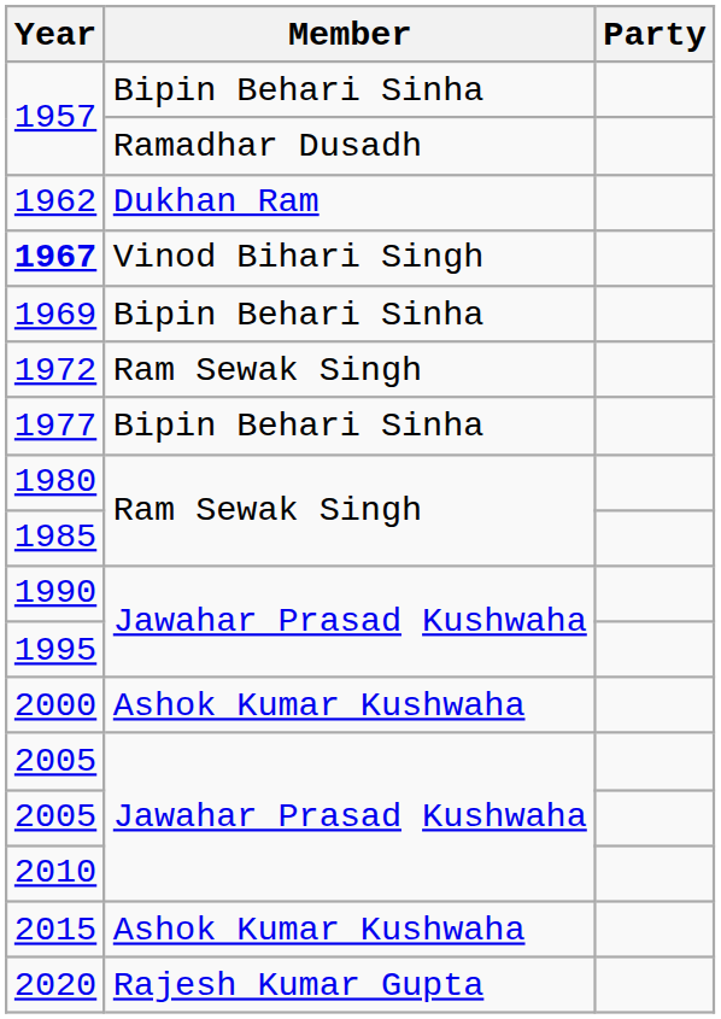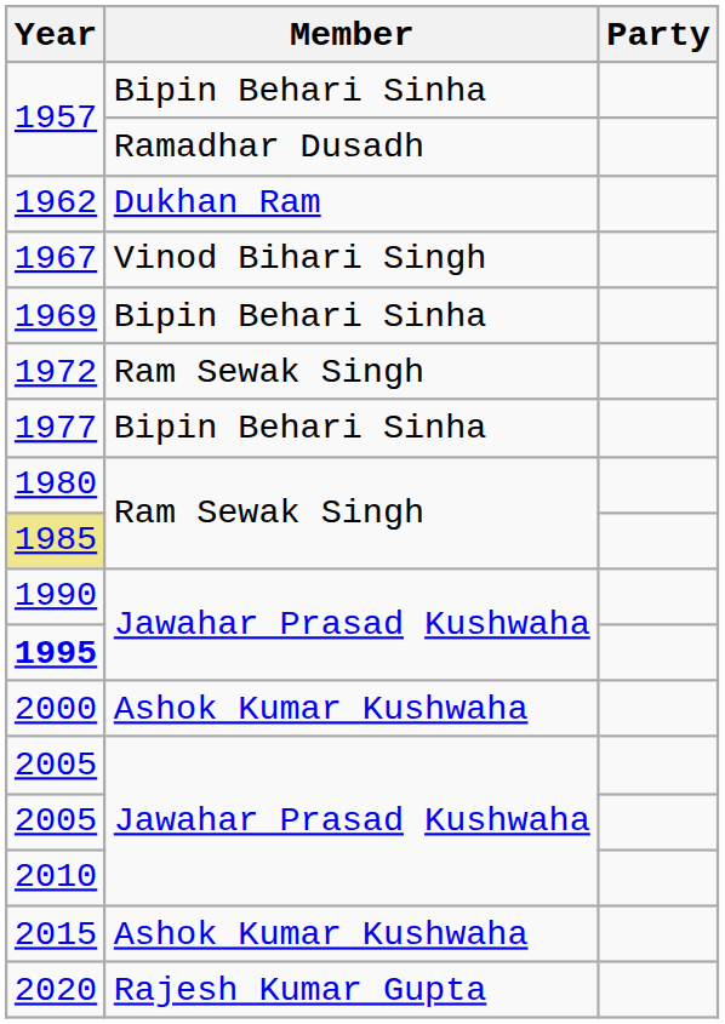 <table class="wikitable sortable">
 <tr>
 <th>Year</th>
 <th>Member</th>
 <th colspan="2">Party</th>
 </tr>
 <tr>
 <td rowspan="2"><a href='#'>1957</a></td>
 <td>Bipin Behari Sinha</td>
 <td></td>
 </tr>
 <tr>
 <td>Ramadhar Dusadh</td>
 </tr>
 <tr>
 <td><a href='#'>1962</a></td>
 <td><a href='#'>Dukhan Ram</a></td>
 <td></td>
 </tr>
 <tr>
-<td><strong><a href='#'>1967</a></strong></td>
+<td><a href='#'>1967</a></td>
 <td>Vinod Bihari Singh</td>
 </tr>
 <tr>
 <td><a href='#'>1969</a></td>
 <td>Bipin Behari Sinha</td>
 <td></td>
 </tr>
 <tr>
 <td><a href='#'>1972</a></td>
 <td>Ram Sewak Singh</td>
 <td></td>
 </tr>
 <tr>
 <td><a href='#'>1977</a></td>
 <td>Bipin Behari Sinha</td>
 <td></td>
 </tr>
 <tr>
 <td><a href='#'>1980</a></td>
 <td rowspan="2">Ram Sewak Singh</td>
 </tr>
 <tr>
-<td><a href='#'>1985</a></td>
+<td style="background: khaki;"><a href='#'>1985</a></td>
 <td></td>
 </tr>
 <tr>
 <td><a href='#'>1990</a></td>
 <td rowspan="2"><a href='#'>Jawahar Prasad</a> <a href='#'>Kushwaha</a></td>
 <td></td>
 </tr>
 <tr>
-<td><a href='#'>1995</a></td>
+<td><strong><a href='#'>1995</a></strong></td>
 </tr>
 <tr>
 <td><a href='#'>2000</a></td>
 <td><a href='#'>Ashok Kumar Kushwaha</a></td>
 <td></td>
 </tr>
 <tr>
 <td><a href='#'>2005</a></td>
 <td rowspan="3"><a href='#'>Jawahar Prasad</a> <a href='#'>Kushwaha</a></td>
 <td></td>
 </tr>
 <tr>
 <td><a href='#'>2005</a></td>
 </tr>
 <tr>
 <td><a href='#'>2010</a></td>
 <td style="background-color: "></td>
 </tr>
 <tr>
 <td><a href='#'>2015</a></td>
 <td><a href='#'>Ashok Kumar Kushwaha</a></td>
 <td></td>
 </tr>
 <tr>
 <td><a href='#'>2020</a></td>
 <td><a href='#'>Rajesh Kumar Gupta</a></td>
 </tr>
 </table>
